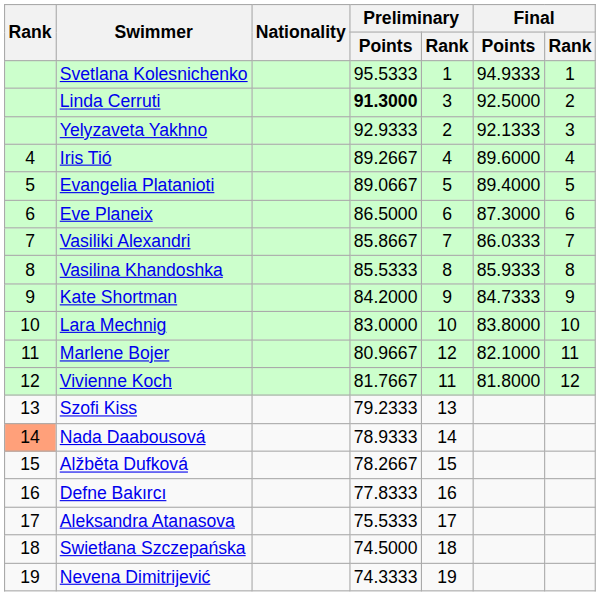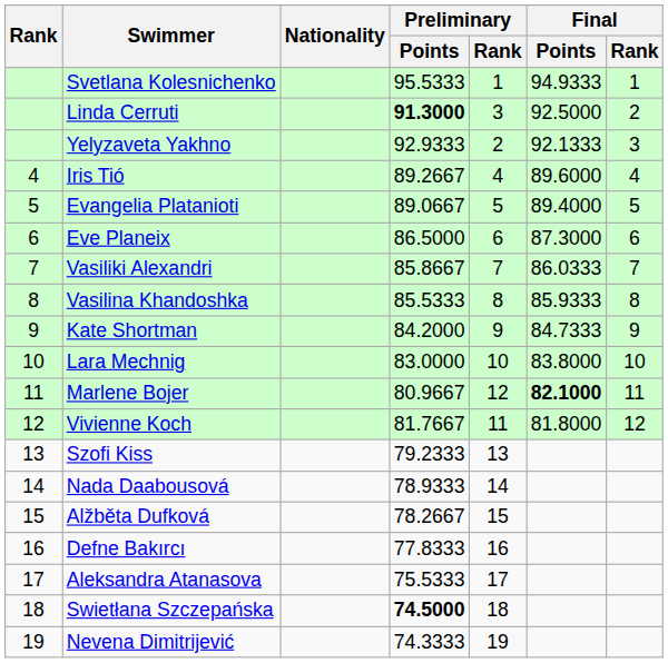 <table class="wikitable sortable" style="text-align:center">
 <tr>
 <th rowspan=2>Rank</th>
 <th rowspan=2>Swimmer</th>
 <th rowspan=2>Nationality</th>
 <th colspan=2>Preliminary</th>
 <th colspan=2>Final</th>
 </tr>
 <tr>
 <th>Points</th>
 <th>Rank</th>
 <th>Points</th>
 <th>Rank</th>
 </tr>
 <tr bgcolor=ccffcc>
 <td></td>
 <td align=left><a href='#'>Svetlana Kolesnichenko</a></td>
 <td align=left></td>
 <td>95.5333</td>
 <td>1</td>
 <td>94.9333</td>
 <td>1</td>
 </tr>
 <tr bgcolor=ccffcc>
 <td></td>
 <td align=left><a href='#'>Linda Cerruti</a></td>
 <td align=left></td>
 <td><strong>91.3000</strong></td>
 <td>3</td>
 <td>92.5000</td>
 <td>2</td>
 </tr>
 <tr bgcolor=ccffcc>
 <td></td>
 <td align=left><a href='#'>Yelyzaveta Yakhno</a></td>
 <td align=left></td>
 <td>92.9333</td>
 <td>2</td>
 <td>92.1333</td>
 <td>3</td>
 </tr>
 <tr bgcolor=ccffcc>
 <td>4</td>
 <td align=left><a href='#'>Iris Tió</a></td>
 <td align=left></td>
 <td>89.2667</td>
 <td>4</td>
 <td>89.6000</td>
 <td>4</td>
 </tr>
 <tr bgcolor=ccffcc>
 <td>5</td>
 <td align=left><a href='#'>Evangelia Platanioti</a></td>
 <td align=left></td>
 <td>89.0667</td>
 <td>5</td>
 <td>89.4000</td>
 <td>5</td>
 </tr>
 <tr bgcolor=ccffcc>
 <td>6</td>
 <td align=left><a href='#'>Eve Planeix</a></td>
 <td align=left></td>
 <td>86.5000</td>
 <td>6</td>
 <td>87.3000</td>
 <td>6</td>
 </tr>
 <tr bgcolor=ccffcc>
 <td>7</td>
 <td align=left><a href='#'>Vasiliki Alexandri</a></td>
 <td align=left></td>
 <td>85.8667</td>
 <td>7</td>
 <td>86.0333</td>
 <td>7</td>
 </tr>
 <tr bgcolor=ccffcc>
 <td>8</td>
 <td align=left><a href='#'>Vasilina Khandoshka</a></td>
 <td align=left></td>
 <td>85.5333</td>
 <td>8</td>
 <td>85.9333</td>
 <td>8</td>
 </tr>
 <tr bgcolor=ccffcc>
 <td>9</td>
 <td align=left><a href='#'>Kate Shortman</a></td>
 <td align=left></td>
 <td>84.2000</td>
 <td>9</td>
 <td>84.7333</td>
 <td>9</td>
 </tr>
 <tr bgcolor=ccffcc>
 <td>10</td>
 <td align=left><a href='#'>Lara Mechnig</a></td>
 <td align=left></td>
 <td>83.0000</td>
 <td>10</td>
 <td>83.8000</td>
 <td>10</td>
 </tr>
 <tr bgcolor=ccffcc>
 <td>11</td>
 <td align=left><a href='#'>Marlene Bojer</a></td>
 <td align=left></td>
 <td>80.9667</td>
 <td>12</td>
-<td>82.1000</td>
+<td><strong>82.1000</strong></td>
 <td>11</td>
 </tr>
 <tr bgcolor=ccffcc>
 <td>12</td>
 <td align=left><a href='#'>Vivienne Koch</a></td>
 <td align=left></td>
 <td>81.7667</td>
 <td>11</td>
 <td>81.8000</td>
 <td>12</td>
 </tr>
 <tr>
 <td>13</td>
 <td align=left><a href='#'>Szofi Kiss</a></td>
 <td align=left></td>
 <td>79.2333</td>
 <td>13</td>
 <td></td>
 <td></td>
 </tr>
 <tr>
-<td style="background: lightsalmon;">14</td>
+<td>14</td>
 <td align=left><a href='#'>Nada Daabousová</a></td>
 <td align=left></td>
 <td>78.9333</td>
 <td>14</td>
 <td></td>
 <td></td>
 </tr>
 <tr>
 <td>15</td>
 <td align=left><a href='#'>Alžběta Dufková</a></td>
 <td align=left></td>
 <td>78.2667</td>
 <td>15</td>
 <td></td>
 <td></td>
 </tr>
 <tr>
 <td>16</td>
 <td align=left><a href='#'>Defne Bakırcı</a></td>
 <td align=left></td>
 <td>77.8333</td>
 <td>16</td>
 <td></td>
 <td></td>
 </tr>
 <tr>
 <td>17</td>
 <td align=left><a href='#'>Aleksandra Atanasova</a></td>
 <td align=left></td>
 <td>75.5333</td>
 <td>17</td>
 <td></td>
 <td></td>
 </tr>
 <tr>
 <td>18</td>
 <td align=left><a href='#'>Swietłana Szczepańska</a></td>
 <td align=left></td>
-<td>74.5000</td>
+<td><strong>74.5000</strong></td>
 <td>18</td>
 <td></td>
 <td></td>
 </tr>
 <tr>
 <td>19</td>
 <td align=left><a href='#'>Nevena Dimitrijević</a></td>
 <td align=left></td>
 <td>74.3333</td>
 <td>19</td>
 <td></td>
 <td></td>
 </tr>
 </table>
